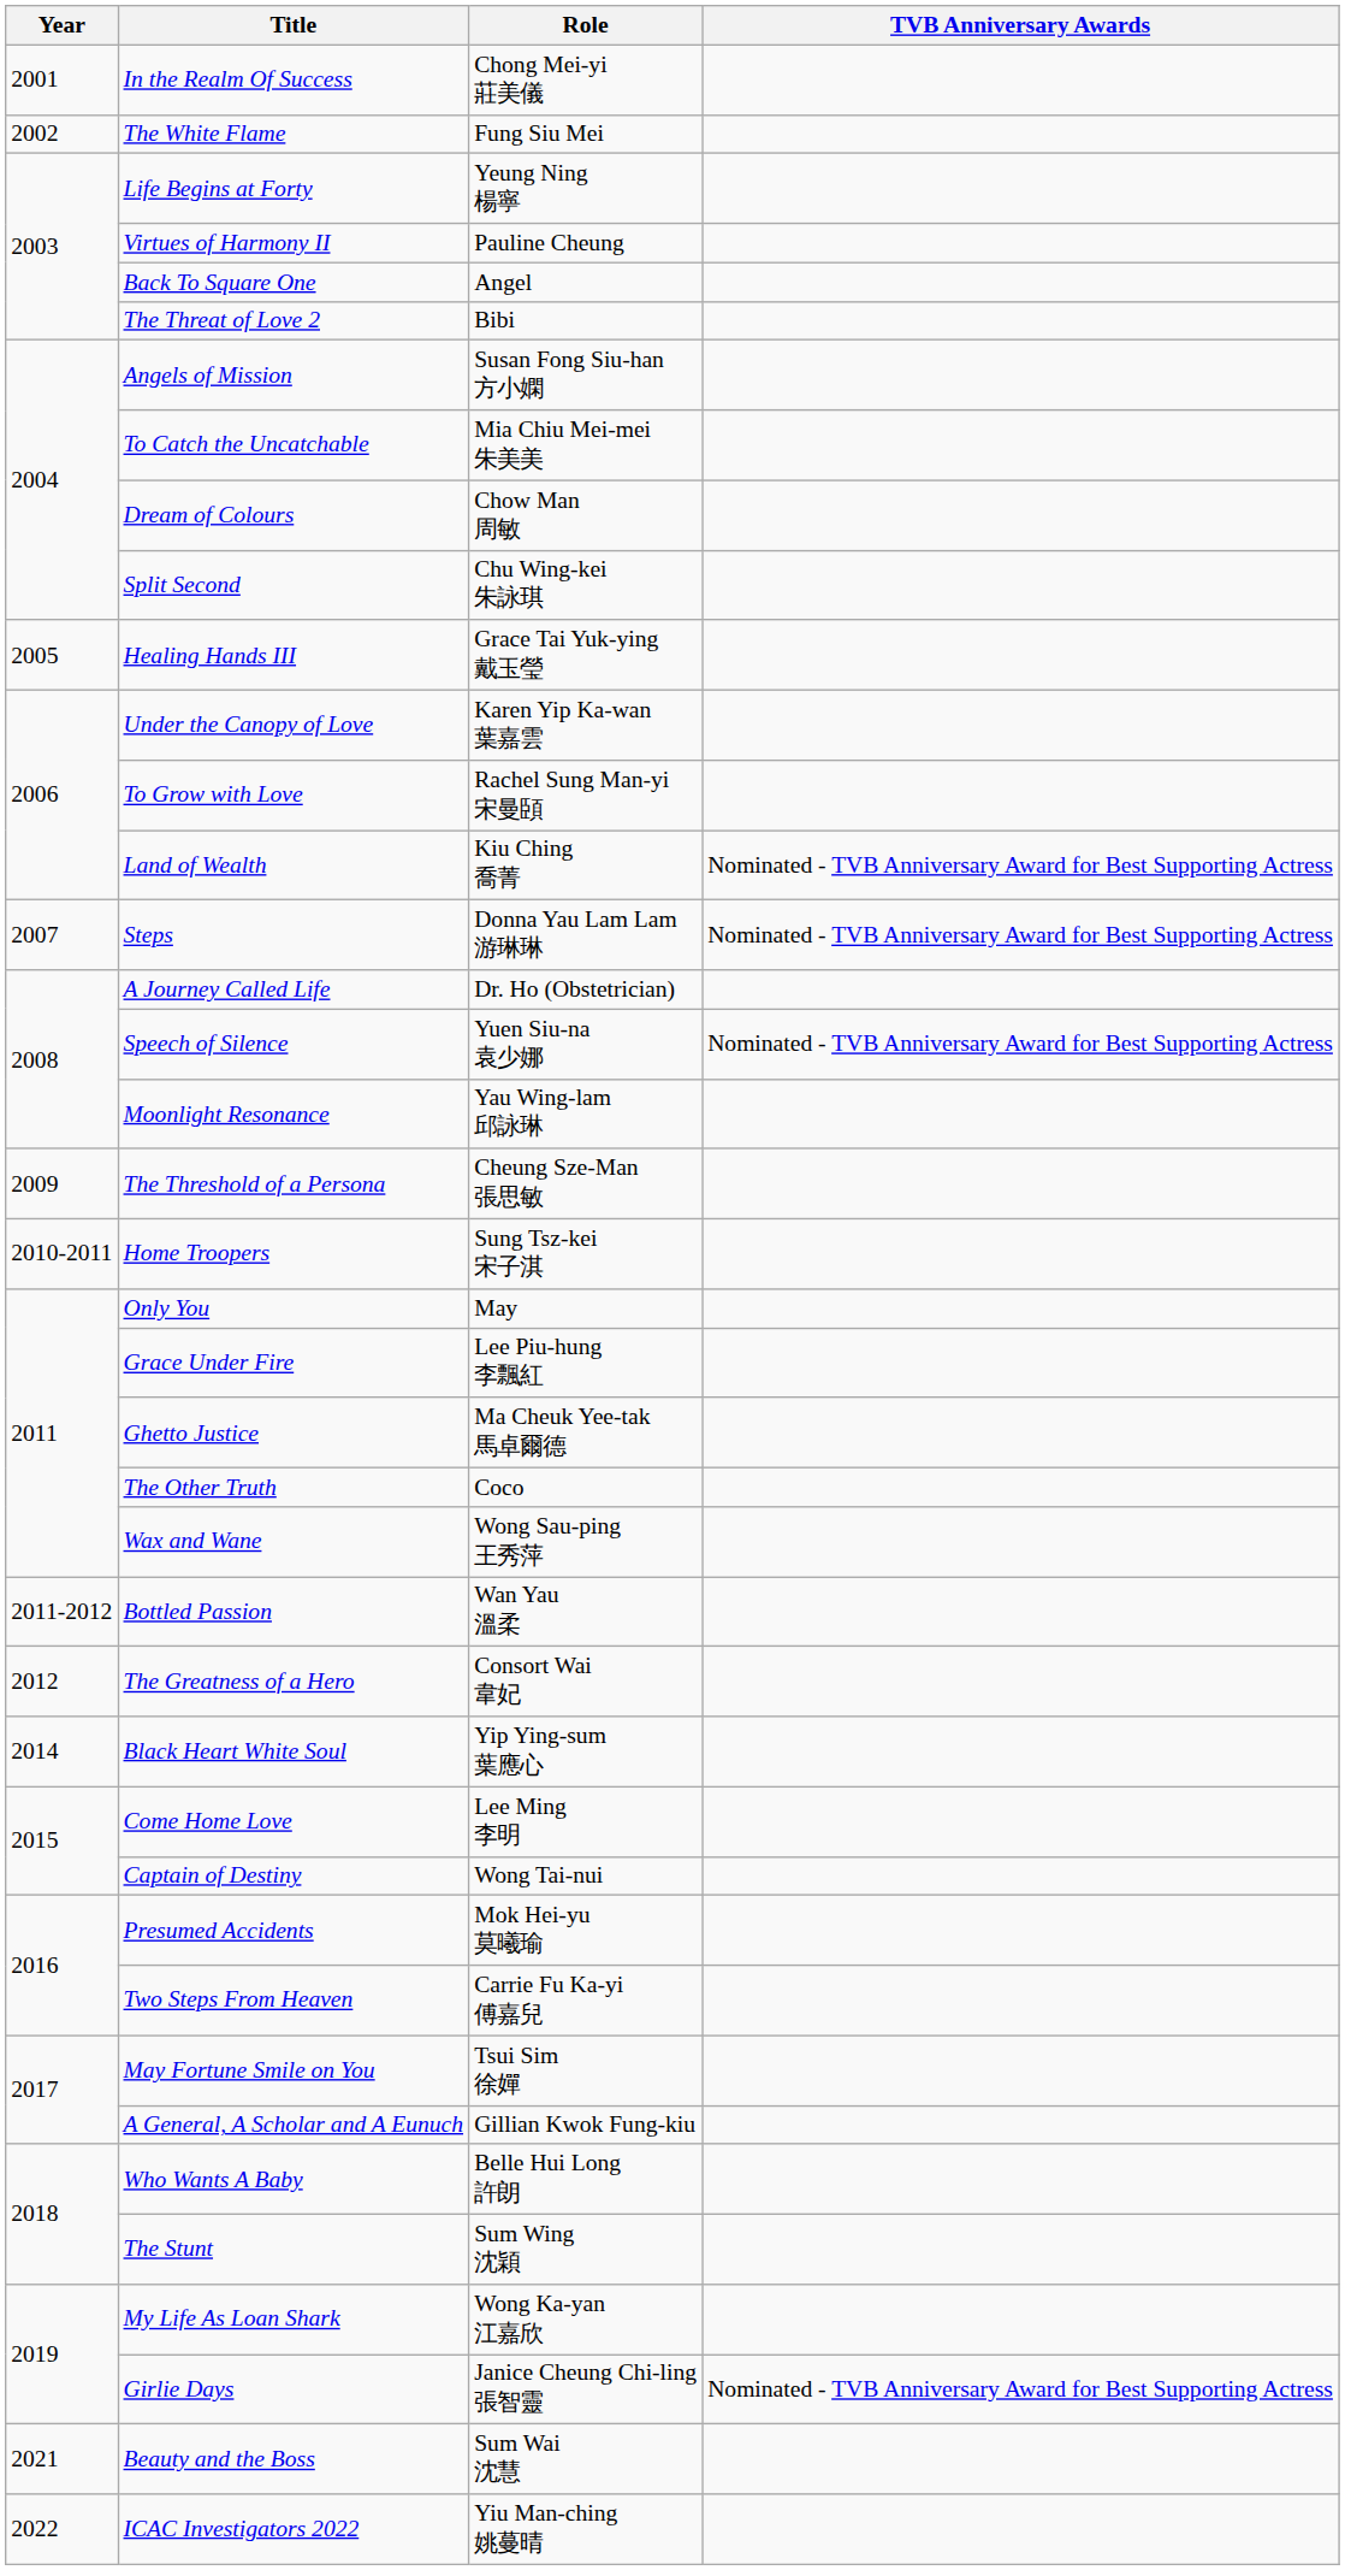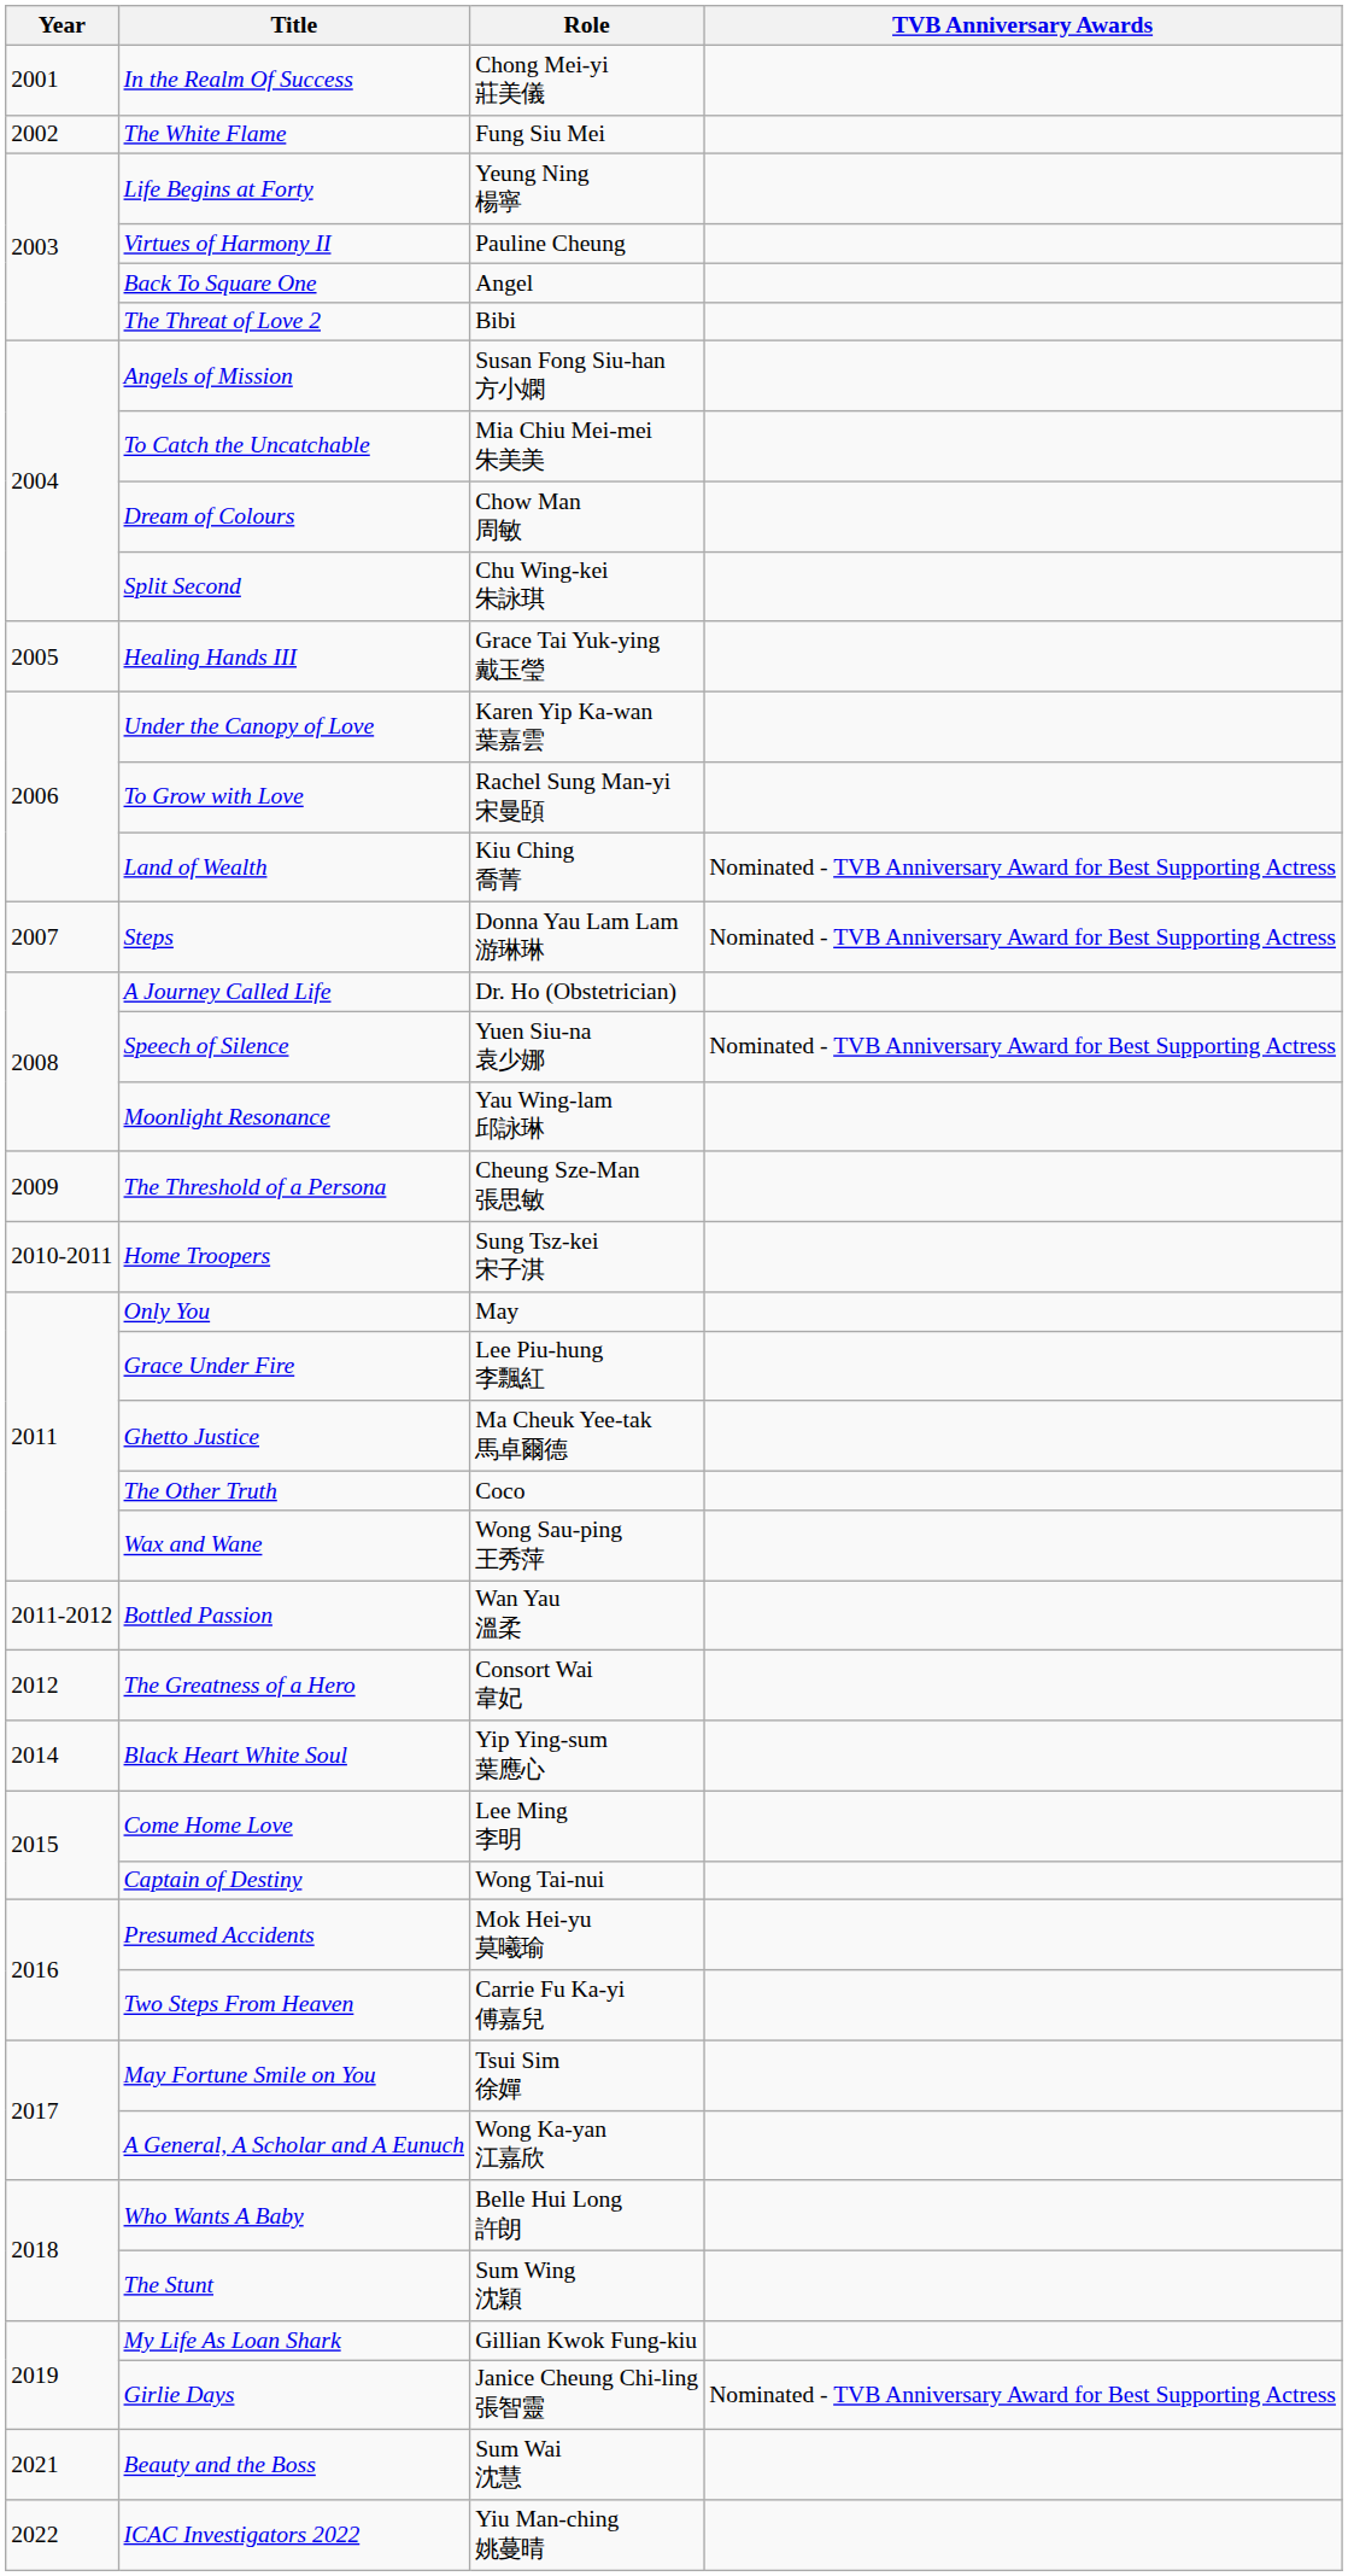 <table class="wikitable" style="font-size: 90%;">
 <tr>
 <th>Year</th>
 <th>Title</th>
 <th>Role</th>
 <th><a href='#'>TVB Anniversary Awards</a></th>
 </tr>
 <tr>
 <td>2001</td>
 <td><em><a href='#'>In the Realm Of Success</a></em></td>
 <td>Chong Mei-yi <br> 莊美儀</td>
 <td></td>
 </tr>
 <tr>
 <td>2002</td>
 <td><em><a href='#'>The White Flame</a></em></td>
 <td>Fung Siu Mei</td>
 <td></td>
 </tr>
 <tr>
 <td rowspan="4">2003</td>
 <td><em><a href='#'>Life Begins at Forty</a></em></td>
 <td>Yeung Ning <br> 楊寧</td>
 <td></td>
 </tr>
 <tr>
 <td><em><a href='#'>Virtues of Harmony II</a></em></td>
 <td>Pauline Cheung</td>
 <td></td>
 </tr>
 <tr>
 <td><em><a href='#'>Back To Square One</a></em></td>
 <td>Angel</td>
 <td></td>
 </tr>
 <tr>
 <td><em><a href='#'>The Threat of Love 2</a></em></td>
 <td>Bibi</td>
 <td></td>
 </tr>
 <tr>
 <td rowspan="4">2004</td>
 <td><em><a href='#'>Angels of Mission</a></em></td>
 <td>Susan Fong Siu-han <br> 方小嫻</td>
 <td></td>
 </tr>
 <tr>
 <td><em><a href='#'>To Catch the Uncatchable</a></em></td>
 <td>Mia Chiu Mei-mei <br> 朱美美</td>
 <td></td>
 </tr>
 <tr>
 <td><em><a href='#'>Dream of Colours</a></em></td>
 <td>Chow Man <br> 周敏</td>
 <td></td>
 </tr>
 <tr>
 <td><em><a href='#'>Split Second</a></em></td>
 <td>Chu Wing-kei <br> 朱詠琪</td>
 <td></td>
 </tr>
 <tr>
 <td>2005</td>
 <td><em><a href='#'>Healing Hands III</a></em></td>
 <td>Grace Tai Yuk-ying <br> 戴玉瑩</td>
 <td></td>
 </tr>
 <tr>
 <td rowspan="3">2006</td>
 <td><em><a href='#'>Under the Canopy of Love</a></em></td>
 <td>Karen Yip Ka-wan <br> 葉嘉雲</td>
 <td></td>
 </tr>
 <tr>
 <td><em><a href='#'>To Grow with Love</a></em></td>
 <td>Rachel Sung Man-yi <br> 宋曼頣</td>
 <td></td>
 </tr>
 <tr>
 <td><em><a href='#'>Land of Wealth</a></em></td>
 <td>Kiu Ching <br> 喬菁</td>
 <td>Nominated - <a href='#'>TVB Anniversary Award for Best Supporting Actress</a></td>
 </tr>
 <tr>
 <td>2007</td>
 <td><em><a href='#'>Steps</a></em></td>
 <td>Donna Yau Lam Lam <br> 游琳琳</td>
 <td>Nominated - <a href='#'>TVB Anniversary Award for Best Supporting Actress</a></td>
 </tr>
 <tr>
 <td rowspan="3">2008</td>
 <td><em><a href='#'>A Journey Called Life</a></em></td>
 <td>Dr. Ho (Obstetrician)</td>
 <td></td>
 </tr>
 <tr>
 <td><em><a href='#'>Speech of Silence</a></em></td>
 <td>Yuen Siu-na <br> 袁少娜</td>
 <td>Nominated - <a href='#'>TVB Anniversary Award for Best Supporting Actress</a></td>
 </tr>
 <tr>
 <td><em><a href='#'>Moonlight Resonance</a></em></td>
 <td>Yau Wing-lam <br> 邱詠琳</td>
 <td></td>
 </tr>
 <tr>
 <td>2009</td>
 <td><em><a href='#'>The Threshold of a Persona</a></em></td>
 <td>Cheung Sze-Man <br> 張思敏</td>
 <td></td>
 </tr>
 <tr>
 <td>2010-2011</td>
 <td><em><a href='#'>Home Troopers</a></em></td>
 <td>Sung Tsz-kei <br> 宋子淇</td>
 <td></td>
 </tr>
 <tr>
 <td rowspan=5>2011</td>
 <td><em><a href='#'>Only You</a></em></td>
 <td>May</td>
 <td></td>
 </tr>
 <tr>
 <td><em><a href='#'>Grace Under Fire</a></em></td>
 <td>Lee Piu-hung <br> 李飄紅</td>
 <td></td>
 </tr>
 <tr>
 <td><em><a href='#'>Ghetto Justice</a></em></td>
 <td>Ma Cheuk Yee-tak <br> 馬卓爾德</td>
 <td></td>
 </tr>
 <tr>
 <td><em><a href='#'>The Other Truth</a></em></td>
 <td>Coco</td>
 <td></td>
 </tr>
 <tr>
 <td><em><a href='#'>Wax and Wane</a></em></td>
 <td>Wong Sau-ping <br> 王秀萍</td>
 <td></td>
 </tr>
 <tr>
 <td>2011-2012</td>
 <td><em><a href='#'>Bottled Passion</a></em></td>
 <td>Wan Yau <br> 溫柔</td>
 <td></td>
 </tr>
 <tr>
 <td>2012</td>
 <td><em><a href='#'>The Greatness of a Hero</a></em></td>
 <td>Consort Wai <br> 韋妃</td>
 <td></td>
 </tr>
 <tr>
 <td rowspan=1>2014</td>
 <td><em><a href='#'>Black Heart White Soul</a></em></td>
 <td>Yip Ying-sum <br> 葉應心</td>
 <td></td>
 </tr>
 <tr>
 <td rowspan=2>2015</td>
 <td><em><a href='#'>Come Home Love</a></em></td>
 <td>Lee Ming <br> 李明</td>
 <td></td>
 </tr>
 <tr>
 <td><em><a href='#'>Captain of Destiny</a></em></td>
 <td>Wong Tai-nui</td>
 <td></td>
 </tr>
 <tr>
 <td rowspan=2>2016</td>
 <td><em><a href='#'>Presumed Accidents</a></em></td>
 <td>Mok Hei-yu <br> 莫曦瑜</td>
 <td></td>
 </tr>
 <tr>
 <td><em><a href='#'> Two Steps From Heaven</a></em></td>
 <td>Carrie Fu Ka-yi <br> 傅嘉兒</td>
 <td></td>
 </tr>
 <tr>
 <td rowspan=2>2017</td>
 <td><em><a href='#'>May Fortune Smile on You</a></em></td>
 <td>Tsui Sim <br> 徐嬋</td>
 <td></td>
 </tr>
 <tr>
 <td><em><a href='#'>A General, A Scholar and A Eunuch</a></em></td>
-<td>Gillian Kwok Fung-kiu</td>
+<td>Wong Ka-yan <br> 江嘉欣</td>
 <td></td>
 </tr>
 <tr>
 <td rowspan="2”">2018</td>
 <td><em><a href='#'>Who Wants A Baby</a></em></td>
 <td>Belle Hui Long <br> 許朗</td>
 <td></td>
 </tr>
 <tr>
 <td><em><a href='#'>The Stunt</a></em></td>
 <td>Sum Wing <br> 沈穎</td>
 <td></td>
 </tr>
 <tr>
 <td rowspan="2">2019</td>
 <td><em><a href='#'>My Life As Loan Shark</a></em></td>
-<td>Wong Ka-yan <br> 江嘉欣</td>
+<td>Gillian Kwok Fung-kiu</td>
 <td></td>
 </tr>
 <tr>
 <td><em><a href='#'>Girlie Days</a></em></td>
 <td>Janice Cheung Chi-ling <br> 張智靈</td>
 <td>Nominated - <a href='#'>TVB Anniversary Award for Best Supporting Actress</a></td>
 </tr>
 <tr>
 <td>2021</td>
 <td><em><a href='#'>Beauty and the Boss</a></em></td>
 <td>Sum Wai <br> 沈慧</td>
 <td></td>
 </tr>
 <tr>
 <td>2022</td>
 <td><em><a href='#'>ICAC Investigators 2022</a></em></td>
 <td>Yiu Man-ching <br> 姚蔓晴</td>
 <td></td>
 </tr>
 </table>
